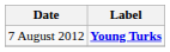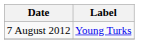 <table class="wikitable plainrowheaders">
 <tr>
 <th scope="col">Date<br></th>
 <th scope="col">Label</th>
 </tr>
 <tr>
 <td>7 August 2012<br></td>
-<td><strong><a href='#'>Young Turks</a></strong></td>
+<td><a href='#'>Young Turks</a></td>
 </tr>
 <tr>
 </tr>
 </table>
